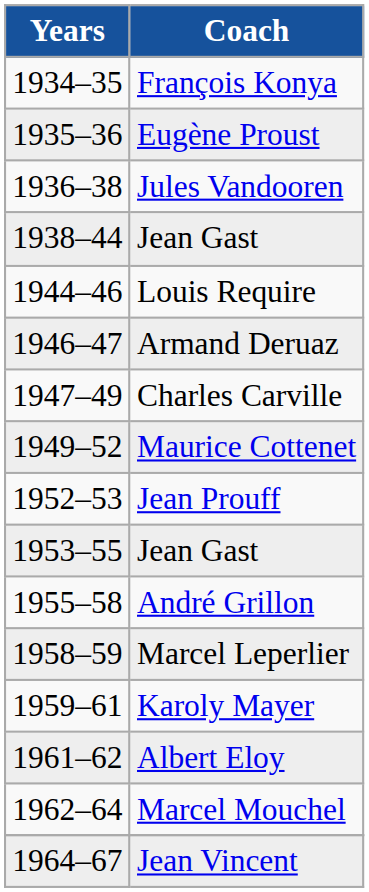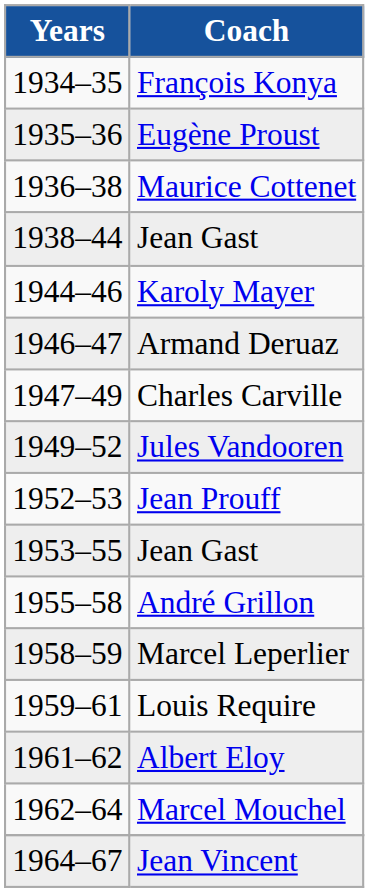 <table class="wikitable" style="font-size:95%; float:left; margin-right:1em;">
 <tr>
 <th style="color:#ffffff; background:#16529c;">Years</th>
 <th style="color:#ffffff; background:#16529c;">Coach</th>
 </tr>
 <tr>
 <td nowrap>1934–35</td>
 <td><a href='#'>François Konya</a></td>
 </tr>
 <tr style="background:#EEE">
 <td>1935–36</td>
 <td><a href='#'>Eugène Proust</a></td>
 </tr>
 <tr>
 <td>1936–38</td>
-<td><a href='#'>Jules Vandooren</a></td>
+<td><a href='#'>Maurice Cottenet</a></td>
 </tr>
 <tr style="background:#EEE">
 <td>1938–44</td>
 <td>Jean Gast</td>
 </tr>
 <tr>
 <td>1944–46</td>
-<td>Louis Require</td>
+<td><a href='#'>Karoly Mayer</a></td>
 </tr>
 <tr style="background:#EEE">
 <td>1946–47</td>
 <td>Armand Deruaz</td>
 </tr>
 <tr>
 <td>1947–49</td>
 <td>Charles Carville</td>
 </tr>
 <tr style="background:#EEE">
 <td>1949–52</td>
-<td><a href='#'>Maurice Cottenet</a></td>
+<td><a href='#'>Jules Vandooren</a></td>
 </tr>
 <tr>
 <td>1952–53</td>
 <td><a href='#'>Jean Prouff</a></td>
 </tr>
 <tr style="background:#EEE">
 <td>1953–55</td>
 <td>Jean Gast</td>
 </tr>
 <tr>
 <td>1955–58</td>
 <td><a href='#'>André Grillon</a></td>
 </tr>
 <tr style="background:#EEE">
 <td>1958–59</td>
 <td>Marcel Leperlier</td>
 </tr>
 <tr>
 <td>1959–61</td>
-<td><a href='#'>Karoly Mayer</a></td>
+<td>Louis Require</td>
 </tr>
 <tr style="background:#EEE">
 <td>1961–62</td>
 <td><a href='#'>Albert Eloy</a></td>
 </tr>
 <tr>
 <td nowrap>1962–64</td>
 <td><a href='#'>Marcel Mouchel</a></td>
 </tr>
 <tr>
 </tr>
 <tr style="background:#EEE">
 <td>1964–67</td>
 <td><a href='#'>Jean Vincent</a></td>
 </tr>
 </table>
